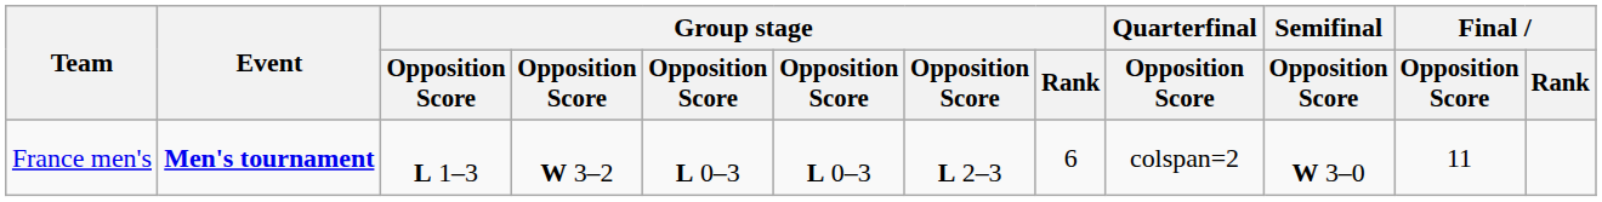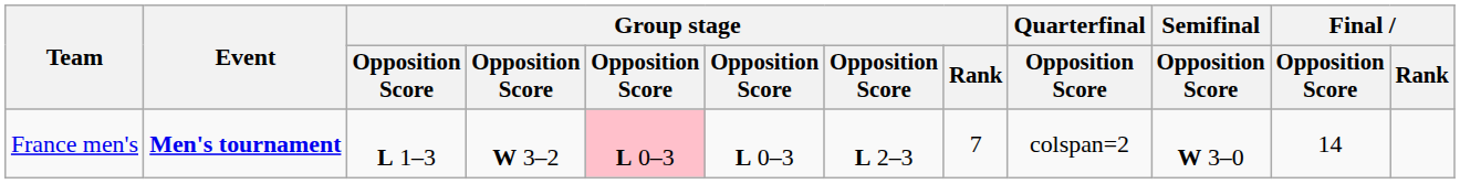 <table class="wikitable" style="font-size:90%">
 <tr>
 <th rowspan=2>Team</th>
 <th rowspan=2>Event</th>
 <th colspan=6>Group stage</th>
 <th>Quarterfinal</th>
 <th>Semifinal</th>
 <th colspan=2>Final / </th>
 </tr>
 <tr style="font-size:95%">
 <th>Opposition<br>Score</th>
 <th>Opposition<br>Score</th>
 <th>Opposition<br>Score</th>
 <th>Opposition<br>Score</th>
 <th>Opposition<br>Score</th>
 <th>Rank</th>
 <th>Opposition<br>Score</th>
 <th>Opposition<br>Score</th>
 <th>Opposition<br>Score</th>
 <th>Rank</th>
 </tr>
 <tr align=center>
 <td align=left><a href='#'>France men's</a></td>
 <td align=left><strong><a href='#'>Men's tournament</a></strong></td>
 <td><br><strong>L</strong> 1–3</td>
 <td><br><strong>W</strong> 3–2</td>
-<td><br><strong>L</strong> 0–3</td>
+<td style="background: pink;"><br><strong>L</strong> 0–3</td>
 <td><br><strong>L</strong> 0–3</td>
 <td><br><strong>L</strong> 2–3</td>
-<td>6</td>
+<td>7</td>
 <td>colspan=2</td>
 <td><br><strong>W</strong> 3–0</td>
-<td>11</td>
+<td>14</td>
 </tr>
 </table>
